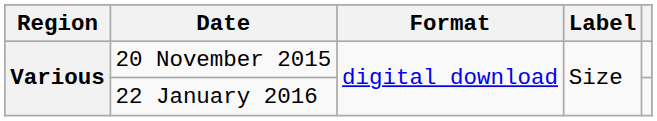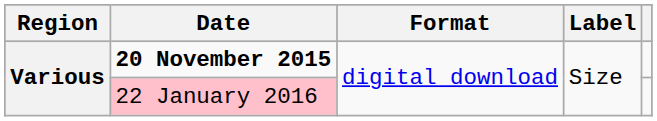 <table class="wikitable plainrowheaders">
 <tr>
 <th scope="col">Region</th>
 <th scope="col">Date</th>
 <th scope="col">Format</th>
 <th scope="col">Label</th>
 <th scope="col"></th>
 </tr>
 <tr>
 <th scope="row" rowspan="2">Various</th>
-<td>20 November 2015</td>
+<td><strong>20 November 2015</strong></td>
 <td rowspan="2"><a href='#'>digital download</a></td>
 <td rowspan="2">Size</td>
 <td style="text-align:center;"></td>
 </tr>
 <tr>
-<td>22 January 2016</td>
+<td style="background: pink;">22 January 2016</td>
 <td style="text-align:center;"></td>
 </tr>
 </table>
